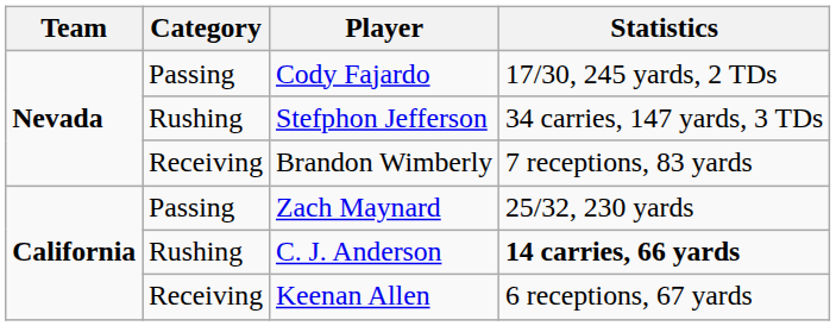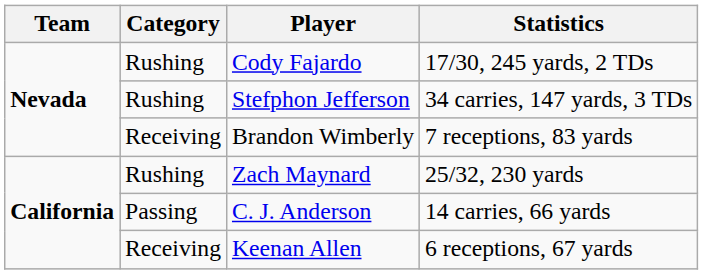 <table class="wikitable" style="float: left;">
 <tr>
 <th>Team</th>
 <th>Category</th>
 <th>Player</th>
 <th>Statistics</th>
 </tr>
 <tr>
 <td rowspan=3><strong>Nevada</strong></td>
-<td>Passing</td>
+<td>Rushing</td>
 <td><a href='#'>Cody Fajardo</a></td>
 <td>17/30, 245 yards, 2 TDs</td>
 </tr>
 <tr>
 <td>Rushing</td>
 <td><a href='#'>Stefphon Jefferson</a></td>
 <td>34 carries, 147 yards, 3 TDs</td>
 </tr>
 <tr>
 <td>Receiving</td>
 <td>Brandon Wimberly</td>
 <td>7 receptions, 83 yards</td>
 </tr>
 <tr>
 <td rowspan=3><strong>California</strong></td>
-<td>Passing</td>
+<td>Rushing</td>
 <td><a href='#'>Zach Maynard</a></td>
 <td>25/32, 230 yards</td>
 </tr>
 <tr>
-<td>Rushing</td>
+<td>Passing</td>
 <td><a href='#'>C. J. Anderson</a></td>
-<td><strong>14 carries, 66 yards</strong></td>
+<td>14 carries, 66 yards</td>
 </tr>
 <tr>
 <td>Receiving</td>
 <td><a href='#'>Keenan Allen</a></td>
 <td>6 receptions, 67 yards</td>
 </tr>
 </table>
